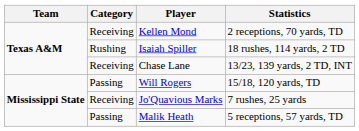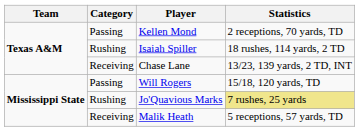 <table class="wikitable" style="float: left;">
 <tr>
 <th>Team</th>
 <th>Category</th>
 <th>Player</th>
 <th>Statistics</th>
 </tr>
 <tr>
 <td rowspan=3><strong>Texas A&M</strong></td>
-<td>Receiving</td>
+<td>Passing</td>
 <td><a href='#'>Kellen Mond</a></td>
 <td>2 receptions, 70 yards, TD</td>
 </tr>
 <tr>
 <td>Rushing</td>
 <td><a href='#'>Isaiah Spiller</a></td>
 <td>18 rushes, 114 yards, 2 TD</td>
 </tr>
 <tr>
 <td>Receiving</td>
 <td>Chase Lane</td>
 <td>13/23, 139 yards, 2 TD, INT</td>
 </tr>
 <tr>
 <td rowspan=3><strong>Mississippi State</strong></td>
 <td>Passing</td>
 <td><a href='#'>Will Rogers</a></td>
 <td>15/18, 120 yards, TD</td>
 </tr>
 <tr>
-<td>Receiving</td>
+<td>Rushing</td>
 <td><a href='#'>Jo'Quavious Marks</a></td>
-<td>7 rushes, 25 yards</td>
+<td style="background: khaki;">7 rushes, 25 yards</td>
 </tr>
 <tr>
-<td>Passing</td>
+<td>Receiving</td>
 <td><a href='#'>Malik Heath</a></td>
 <td>5 receptions, 57 yards, TD</td>
 </tr>
 </table>
